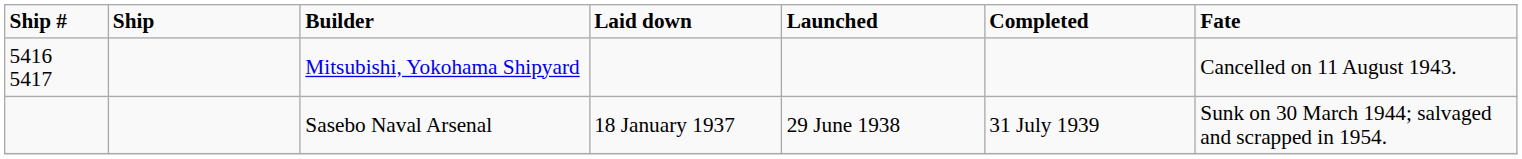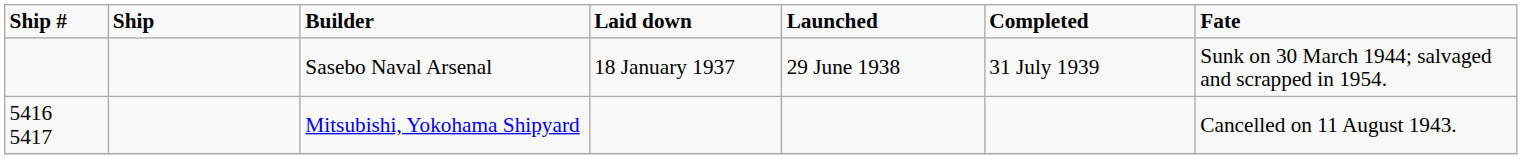 <table class="wikitable" width="90%">
 <tr>
 <td width="3%"><strong>Ship #</strong></td>
 <td width="6%"><strong>Ship</strong></td>
 <td width="9%"><strong>Builder</strong></td>
 <td width="6%"><strong>Laid down</strong></td>
 <td width="6%"><strong>Launched</strong></td>
 <td width="6%"><strong>Completed</strong></td>
 <td width="10%"><strong>Fate</strong></td>
 </tr>
 <tr>
+<td></td>
+<td></td>
+<td>Sasebo Naval Arsenal</td>
+<td>18 January 1937</td>
+<td>29 June 1938</td>
+<td>31 July 1939</td>
+<td>Sunk on 30 March 1944; salvaged and scrapped in 1954.</td>
+</tr>
+<tr>
 <td>5416<br>5417</td>
 <td><br></td>
 <td><a href='#'>Mitsubishi, Yokohama Shipyard</a></td>
 <td></td>
 <td></td>
 <td></td>
 <td>Cancelled on 11 August 1943.</td>
 </tr>
 <tr>
-<td></td>
-<td></td>
-<td>Sasebo Naval Arsenal</td>
-<td>18 January 1937</td>
-<td>29 June 1938</td>
-<td>31 July 1939</td>
-<td>Sunk on 30 March 1944; salvaged and scrapped in 1954.</td>
-</tr>
-<tr>
 </tr>
 </table>
